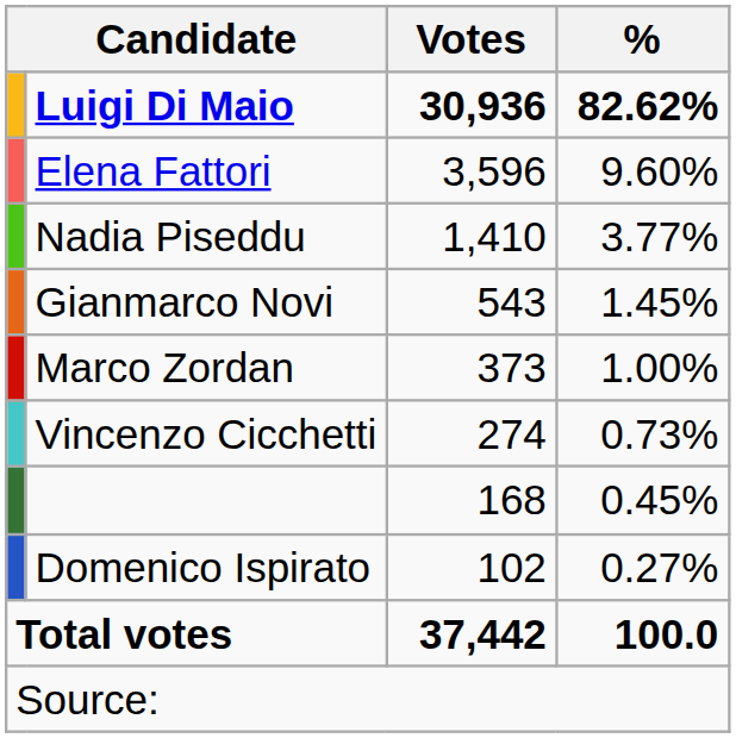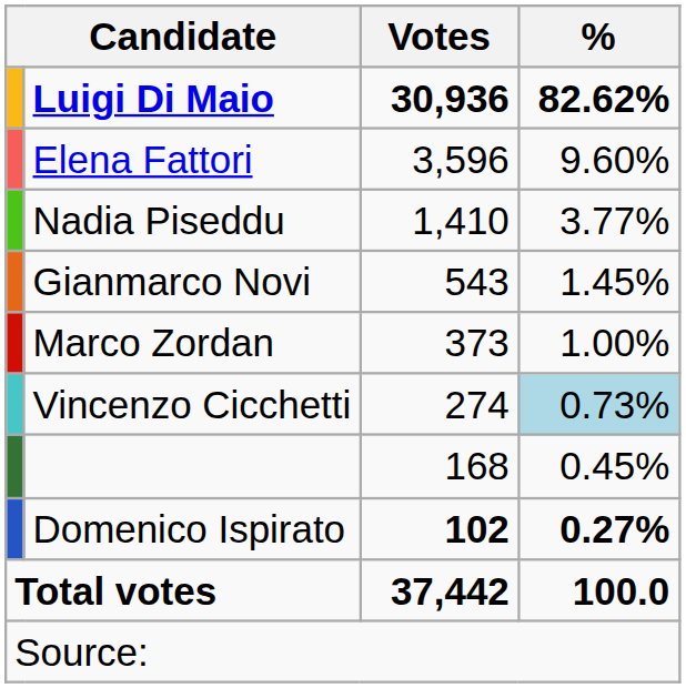 <table class="wikitable" style="font-size:95%">
 <tr bgcolor="#E9E9E9">
 <th rowspan="1" colspan="2">Candidate</th>
 <th rowspan="1" colspan="1">Votes</th>
 <th rowspan="1" colspan="1">%</th>
 </tr>
 <tr>
 <td style="color:inherit;background:#FBB917"></td>
 <td align="left"><strong><a href='#'>Luigi Di Maio</a></strong></td>
 <td align="right">  <strong>30,936</strong></td>
 <td align="right"> <strong>82.62%</strong></td>
 </tr>
 <tr>
 <td style="color:inherit;background:#F75D59;"></td>
 <td><a href='#'>Elena Fattori</a></td>
 <td align="right">  3,596</td>
 <td align="right">  9.60%</td>
 </tr>
 <tr>
 <td style="color:inherit;background:#4CC417;"></td>
 <td>Nadia Piseddu</td>
 <td align="right">  1,410</td>
 <td align="right">  3.77%</td>
 </tr>
 <tr>
 <td style="color:inherit;background:#E56717;"></td>
 <td>Gianmarco Novi</td>
 <td align="right">  543</td>
 <td align="right">  1.45%</td>
 </tr>
 <tr>
 <td style="color:inherit;background:#D00E03;"></td>
 <td>Marco Zordan</td>
 <td align="right">  373</td>
 <td align="right">  1.00%</td>
 </tr>
 <tr>
 <td style="color:inherit;background:#46C7C7;"></td>
 <td>Vincenzo Cicchetti</td>
 <td align="right">  274</td>
-<td align="right">  0.73%</td>
+<td align="right" style="background: lightblue;">  0.73%</td>
 </tr>
 <tr>
 <td style="color:inherit;background:#347235;"></td>
 <td></td>
 <td align="right">  168</td>
 <td align="right">  0.45%</td>
 </tr>
 <tr>
 <td style="color:inherit;background:#2554C7;"></td>
 <td>Domenico Ispirato</td>
-<td align="right">  102</td>
-<td align="right">  0.27%</td>
+<td align="right"><strong>  102</strong></td>
+<td align="right"><strong>  0.27%</strong></td>
 </tr>
 <tr>
 <td colspan="2" align="left"><strong>Total votes</strong></td>
 <td align="right"> <strong>37,442</strong></td>
 <td align="right"><strong>100.0</strong></td>
 </tr>
 <tr>
 <td colspan="5">Source: </td>
 </tr>
 </table>
